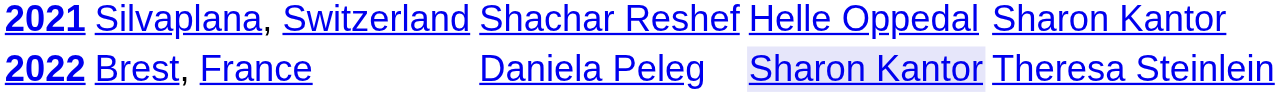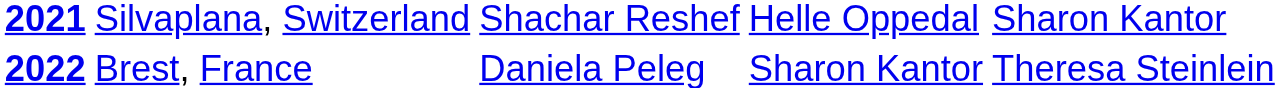 <table>
 <tr>
 <th><a href='#'>2021</a></th>
 <td> <a href='#'>Silvaplana</a>, <a href='#'>Switzerland</a></td>
 <td> <a href='#'>Shachar Reshef</a></td>
 <td> <a href='#'>Helle Oppedal</a></td>
 <td> <a href='#'>Sharon Kantor</a></td>
 </tr>
 <tr>
 <th><a href='#'>2022</a></th>
 <td> <a href='#'>Brest</a>, <a href='#'>France</a></td>
 <td> <a href='#'>Daniela Peleg</a></td>
-<td style="background: lavender;"> <a href='#'>Sharon Kantor</a></td>
+<td> <a href='#'>Sharon Kantor</a></td>
 <td> <a href='#'>Theresa Steinlein</a></td>
 </tr>
 </table>
